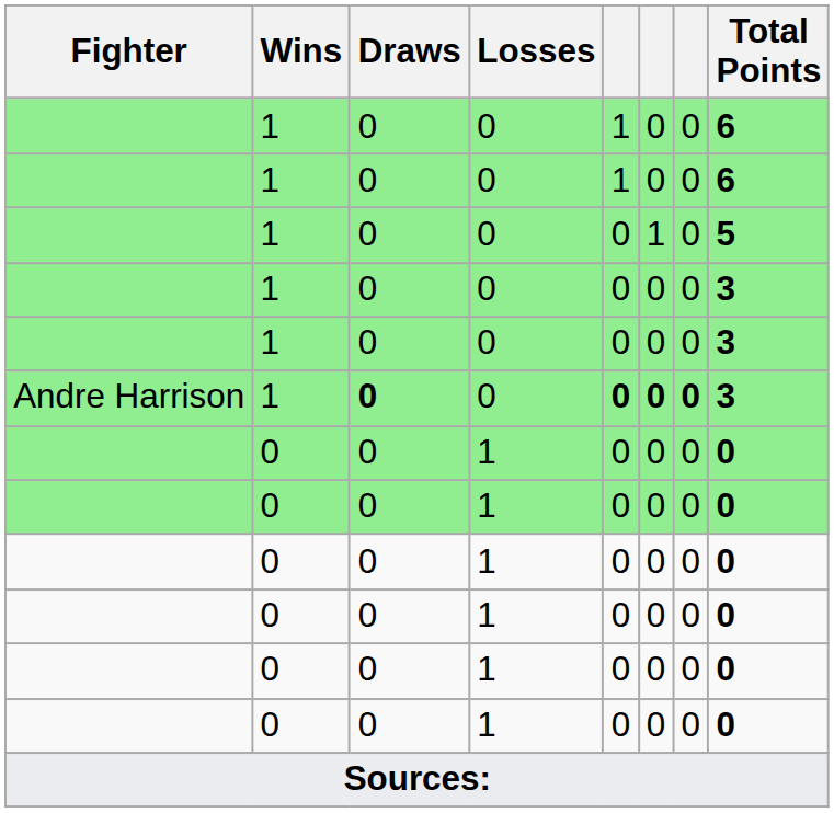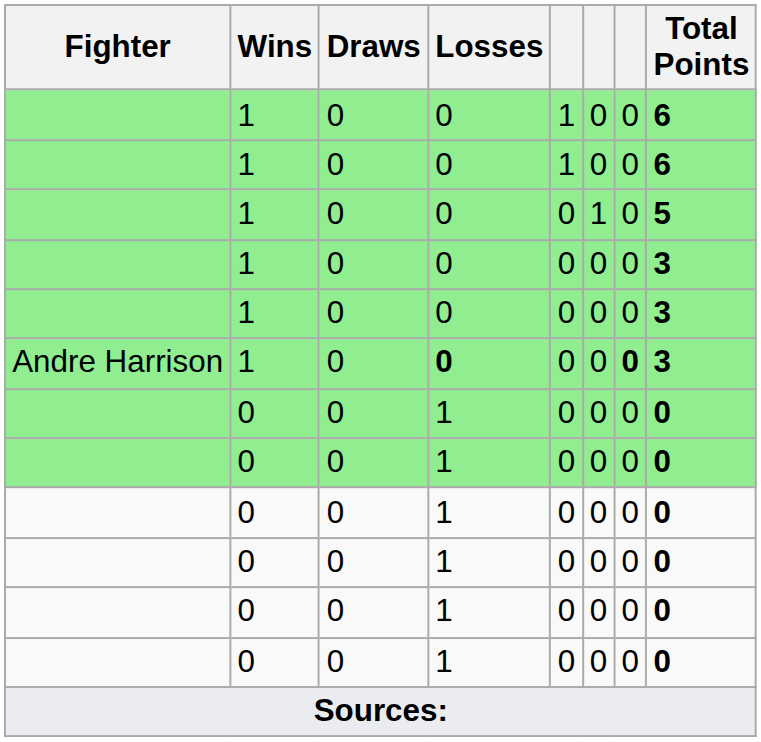 <table class="wikitable sortable">
 <tr>
 <th>Fighter</th>
 <th>Wins</th>
 <th>Draws</th>
 <th>Losses</th>
 <th></th>
 <th></th>
 <th></th>
 <th>Total<br> Points</th>
 </tr>
 <tr>
 <td style="background:#90EE90;"></td>
 <td style="background:#90EE90;">1</td>
 <td style="background:#90EE90;">0</td>
 <td style="background:#90EE90;">0</td>
 <td style="background:#90EE90;">1</td>
 <td style="background:#90EE90;">0</td>
 <td style="background:#90EE90;">0</td>
 <td style="background:#90EE90;"><strong>6</strong></td>
 </tr>
 <tr>
 <td style="background:#90EE90;"></td>
 <td style="background:#90EE90;">1</td>
 <td style="background:#90EE90;">0</td>
 <td style="background:#90EE90;">0</td>
 <td style="background:#90EE90;">1</td>
 <td style="background:#90EE90;">0</td>
 <td style="background:#90EE90;">0</td>
 <td style="background:#90EE90;"><strong>6</strong></td>
 </tr>
 <tr>
 <td style="background:#90EE90;"></td>
 <td style="background:#90EE90;">1</td>
 <td style="background:#90EE90;">0</td>
 <td style="background:#90EE90;">0</td>
 <td style="background:#90EE90;">0</td>
 <td style="background:#90EE90;">1</td>
 <td style="background:#90EE90;">0</td>
 <td style="background:#90EE90;"><strong>5</strong></td>
 </tr>
 <tr>
 <td style="background:#90EE90;"></td>
 <td style="background:#90EE90;">1</td>
 <td style="background:#90EE90;">0</td>
 <td style="background:#90EE90;">0</td>
 <td style="background:#90EE90;">0</td>
 <td style="background:#90EE90;">0</td>
 <td style="background:#90EE90;">0</td>
 <td style="background:#90EE90;"><strong>3</strong></td>
 </tr>
 <tr>
 <td style="background:#90EE90;"></td>
 <td style="background:#90EE90;">1</td>
 <td style="background:#90EE90;">0</td>
 <td style="background:#90EE90;">0</td>
 <td style="background:#90EE90;">0</td>
 <td style="background:#90EE90;">0</td>
 <td style="background:#90EE90;">0</td>
 <td style="background:#90EE90;"><strong>3</strong></td>
 </tr>
 <tr>
 <td style="background:#90EE90;">Andre Harrison</td>
 <td style="background:#90EE90;">1</td>
+<td style="background:#90EE90;">0</td>
 <td style="background:#90EE90;"><strong>0</strong></td>
 <td style="background:#90EE90;">0</td>
-<td style="background:#90EE90;"><strong>0</strong></td>
-<td style="background:#90EE90;"><strong>0</strong></td>
+<td style="background:#90EE90;">0</td>
 <td style="background:#90EE90;"><strong>0</strong></td>
 <td style="background:#90EE90;"><strong>3</strong></td>
 </tr>
 <tr>
 <td style="background:#90EE90;"></td>
 <td style="background:#90EE90;">0</td>
 <td style="background:#90EE90;">0</td>
 <td style="background:#90EE90;">1</td>
 <td style="background:#90EE90;">0</td>
 <td style="background:#90EE90;">0</td>
 <td style="background:#90EE90;">0</td>
 <td style="background:#90EE90;"><strong>0</strong></td>
 </tr>
 <tr>
 <td style="background:#90EE90;"></td>
 <td style="background:#90EE90;">0</td>
 <td style="background:#90EE90;">0</td>
 <td style="background:#90EE90;">1</td>
 <td style="background:#90EE90;">0</td>
 <td style="background:#90EE90;">0</td>
 <td style="background:#90EE90;">0</td>
 <td style="background:#90EE90;"><strong>0</strong></td>
 </tr>
 <tr>
 <td></td>
 <td>0</td>
 <td>0</td>
 <td>1</td>
 <td>0</td>
 <td>0</td>
 <td>0</td>
 <td><strong>0</strong></td>
 </tr>
 <tr>
 <td></td>
 <td>0</td>
 <td>0</td>
 <td>1</td>
 <td>0</td>
 <td>0</td>
 <td>0</td>
 <td><strong>0</strong></td>
 </tr>
 <tr>
 <td></td>
 <td>0</td>
 <td>0</td>
 <td>1</td>
 <td>0</td>
 <td>0</td>
 <td>0</td>
 <td><strong>0</strong></td>
 </tr>
 <tr>
 <td></td>
 <td>0</td>
 <td>0</td>
 <td>1</td>
 <td>0</td>
 <td>0</td>
 <td>0</td>
 <td><strong>0</strong></td>
 </tr>
 <tr>
 <td colspan="8" style="background-color:#EAECF0; text-align:center"><strong>Sources:</strong></td>
 </tr>
 </table>
